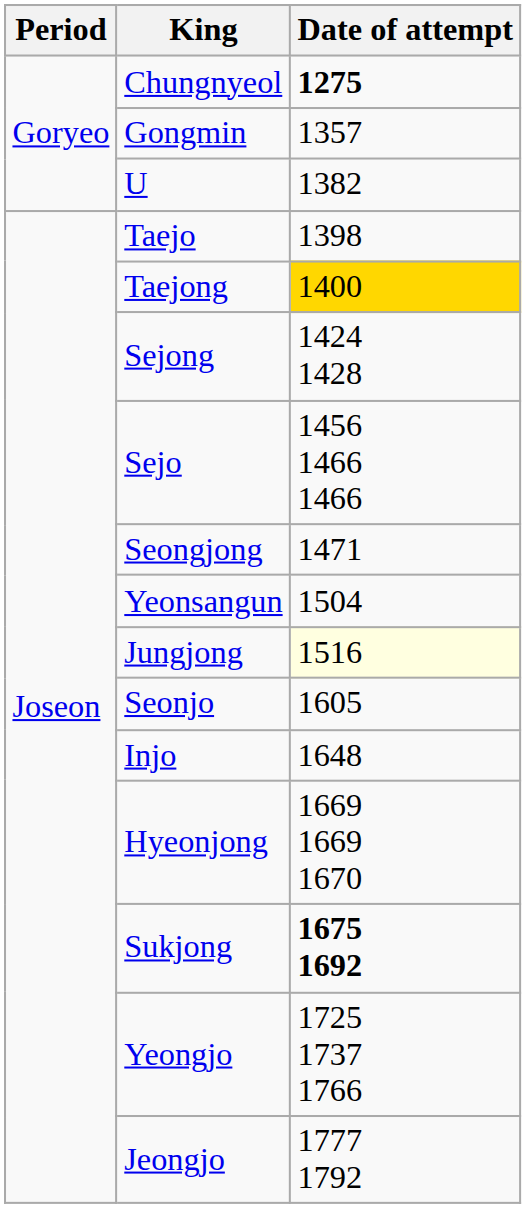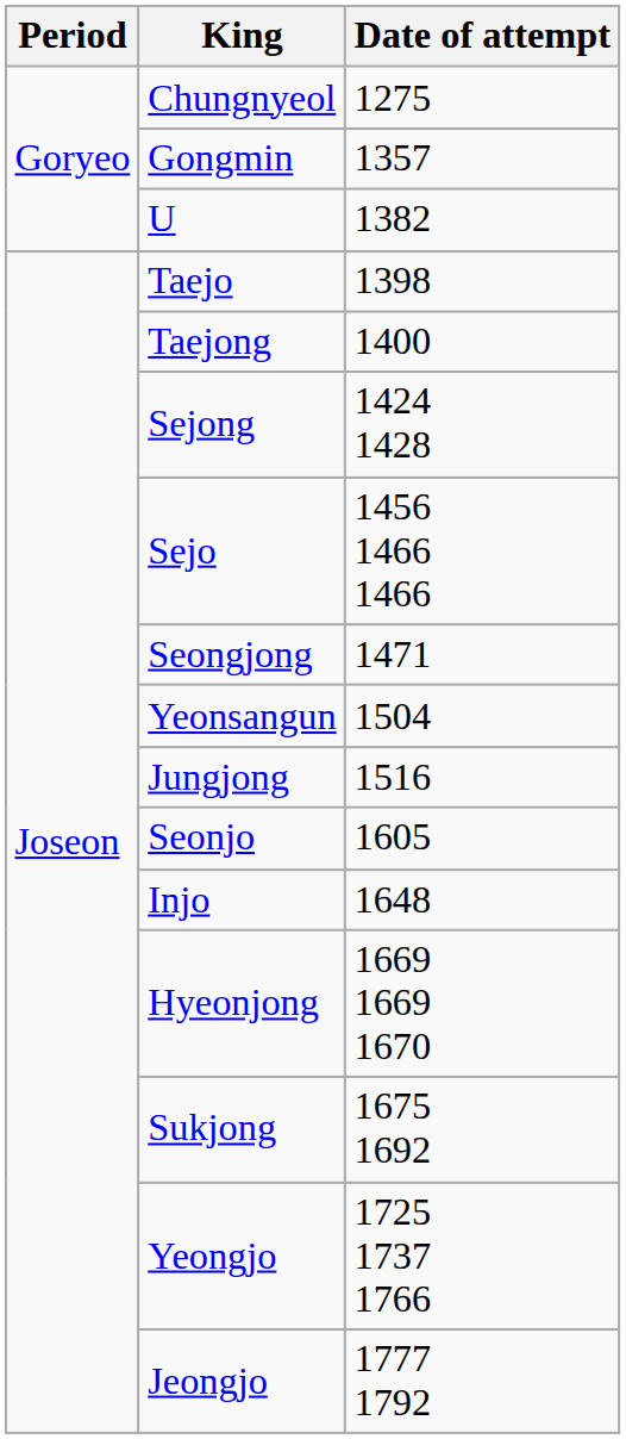 <table class="wikitable mw-collapsible">
 <tr>
 <th>Period</th>
 <th>King</th>
 <th>Date of attempt</th>
 </tr>
 <tr>
 <td rowspan="3"><a href='#'>Goryeo</a></td>
 <td><a href='#'>Chungnyeol</a></td>
-<td><strong>1275</strong></td>
+<td>1275</td>
 </tr>
 <tr>
 <td><a href='#'>Gongmin</a></td>
 <td>1357</td>
 </tr>
 <tr>
 <td><a href='#'>U</a></td>
 <td>1382</td>
 </tr>
 <tr>
 <td rowspan="13"><a href='#'>Joseon</a></td>
 <td><a href='#'>Taejo</a></td>
 <td>1398</td>
 </tr>
 <tr>
 <td><a href='#'>Taejong</a></td>
-<td style="background: gold;">1400</td>
+<td>1400</td>
 </tr>
 <tr>
 <td><a href='#'>Sejong</a></td>
 <td>1424<br>1428</td>
 </tr>
 <tr>
 <td><a href='#'>Sejo</a></td>
 <td>1456<br>1466<br>1466</td>
 </tr>
 <tr>
 <td><a href='#'>Seongjong</a></td>
 <td>1471</td>
 </tr>
 <tr>
 <td><a href='#'>Yeonsangun</a></td>
 <td>1504</td>
 </tr>
 <tr>
 <td><a href='#'>Jungjong</a></td>
-<td style="background: lightyellow;">1516</td>
+<td>1516</td>
 </tr>
 <tr>
 <td><a href='#'>Seonjo</a></td>
 <td>1605</td>
 </tr>
 <tr>
 <td><a href='#'>Injo</a></td>
 <td>1648</td>
 </tr>
 <tr>
 <td><a href='#'>Hyeonjong</a></td>
 <td>1669<br>1669<br>1670</td>
 </tr>
 <tr>
 <td><a href='#'>Sukjong</a></td>
-<td><strong>1675<br>1692</strong></td>
+<td>1675<br>1692</td>
 </tr>
 <tr>
 <td><a href='#'>Yeongjo</a></td>
 <td>1725<br>1737<br>1766</td>
 </tr>
 <tr>
 <td><a href='#'>Jeongjo</a></td>
 <td>1777<br>1792</td>
 </tr>
 </table>
